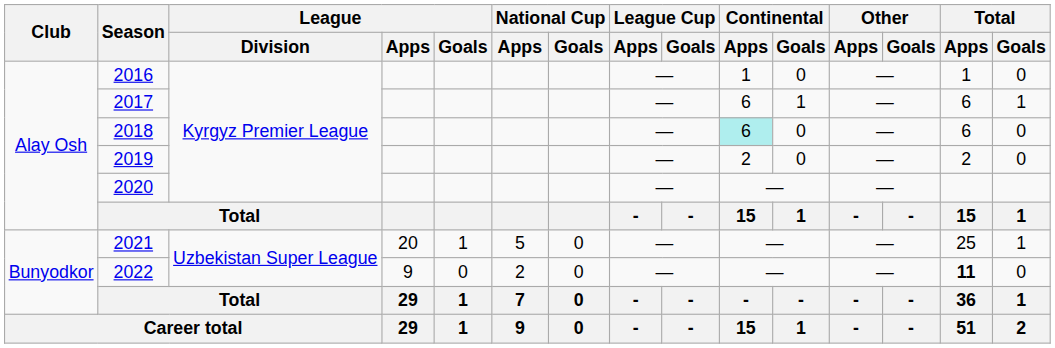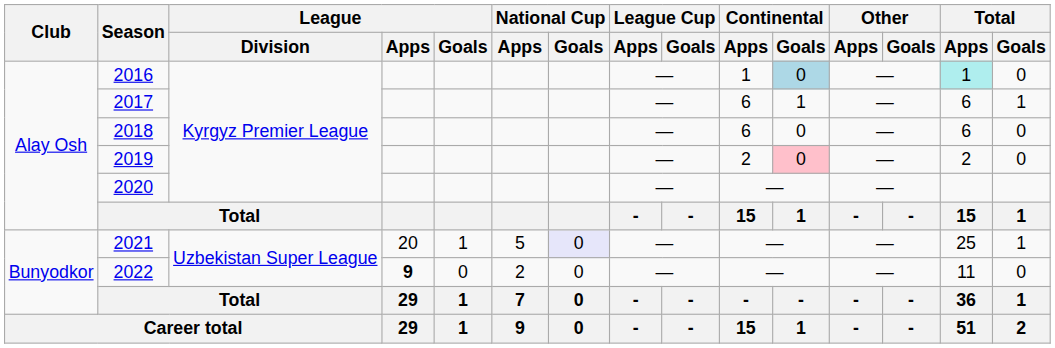 <table class="wikitable" style="text-align:center">
 <tr>
 <th rowspan="2">Club</th>
 <th rowspan="2">Season</th>
 <th colspan="3">League</th>
 <th colspan="2">National Cup</th>
 <th colspan="2">League Cup</th>
 <th colspan="2">Continental</th>
 <th colspan="2">Other</th>
 <th colspan="2">Total</th>
 </tr>
 <tr>
 <th>Division</th>
 <th>Apps</th>
 <th>Goals</th>
 <th>Apps</th>
 <th>Goals</th>
 <th>Apps</th>
 <th>Goals</th>
 <th>Apps</th>
 <th>Goals</th>
 <th>Apps</th>
 <th>Goals</th>
 <th>Apps</th>
 <th>Goals</th>
 </tr>
 <tr>
 <td rowspan="6"><a href='#'>Alay Osh</a></td>
 <td><a href='#'>2016</a></td>
 <td rowspan="5"><a href='#'>Kyrgyz Premier League</a></td>
 <td></td>
 <td></td>
 <td></td>
 <td></td>
 <td colspan="2">—</td>
 <td>1</td>
-<td>0</td>
+<td style="background: lightblue;">0</td>
 <td colspan="2">—</td>
-<td>1</td>
+<td style="background: paleturquoise;">1</td>
 <td>0</td>
 </tr>
 <tr>
 <td><a href='#'>2017</a></td>
 <td></td>
 <td></td>
 <td></td>
 <td></td>
 <td colspan="2">—</td>
 <td>6</td>
 <td>1</td>
 <td colspan="2">—</td>
 <td>6</td>
 <td>1</td>
 </tr>
 <tr>
 <td><a href='#'>2018</a></td>
 <td></td>
 <td></td>
 <td></td>
 <td></td>
 <td colspan="2">—</td>
-<td style="background: paleturquoise;">6</td>
+<td>6</td>
 <td>0</td>
 <td colspan="2">—</td>
 <td>6</td>
 <td>0</td>
 </tr>
 <tr>
 <td><a href='#'>2019</a></td>
 <td></td>
 <td></td>
 <td></td>
 <td></td>
 <td colspan="2">—</td>
 <td>2</td>
-<td>0</td>
+<td style="background: pink;">0</td>
 <td colspan="2">—</td>
 <td>2</td>
 <td>0</td>
 </tr>
 <tr>
 <td><a href='#'>2020</a></td>
 <td></td>
 <td></td>
 <td></td>
 <td></td>
 <td colspan="2">—</td>
 <td colspan="2">—</td>
 <td colspan="2">—</td>
 <td></td>
 <td></td>
 </tr>
 <tr>
 <th colspan="2">Total</th>
 <th></th>
 <th></th>
 <th></th>
 <th></th>
 <th>-</th>
 <th>-</th>
 <th>15</th>
 <th>1</th>
 <th>-</th>
 <th>-</th>
 <th>15</th>
 <th>1</th>
 </tr>
 <tr>
 <td rowspan="3"><a href='#'>Bunyodkor</a></td>
 <td><a href='#'>2021</a></td>
 <td rowspan="2"><a href='#'>Uzbekistan Super League</a></td>
 <td>20</td>
 <td>1</td>
 <td>5</td>
-<td>0</td>
+<td style="background: lavender;">0</td>
 <td colspan="2">—</td>
 <td colspan="2">—</td>
 <td colspan="2">—</td>
 <td>25</td>
 <td>1</td>
 </tr>
 <tr>
 <td><a href='#'>2022</a></td>
-<td>9</td>
+<td><strong>9</strong></td>
 <td>0</td>
 <td>2</td>
 <td>0</td>
 <td colspan="2">—</td>
 <td colspan="2">—</td>
 <td colspan="2">—</td>
-<td><strong>11</strong></td>
+<td>11</td>
 <td>0</td>
 </tr>
 <tr>
 <th colspan="2">Total</th>
 <th>29</th>
 <th>1</th>
 <th>7</th>
 <th>0</th>
 <th>-</th>
 <th>-</th>
 <th>-</th>
 <th>-</th>
 <th>-</th>
 <th>-</th>
 <th>36</th>
 <th>1</th>
 </tr>
 <tr>
 <th colspan="3">Career total</th>
 <th>29</th>
 <th>1</th>
 <th>9</th>
 <th>0</th>
 <th>-</th>
 <th>-</th>
 <th>15</th>
 <th>1</th>
 <th>-</th>
 <th>-</th>
 <th>51</th>
 <th>2</th>
 </tr>
 </table>
